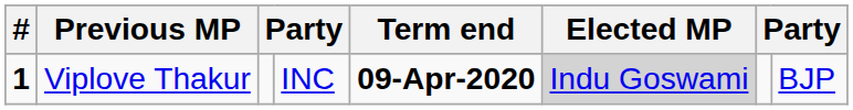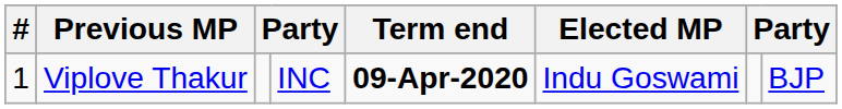 <table class="wikitable sortable">
 <tr>
 <th>#</th>
 <th>Previous MP</th>
 <th colspan="2">Party</th>
 <th>Term end</th>
 <th>Elected MP</th>
 <th colspan="2">Party</th>
 </tr>
 <tr>
-<td><strong>1</strong></td>
+<td>1</td>
 <td><a href='#'>Viplove Thakur</a></td>
 <td></td>
 <td><a href='#'>INC</a></td>
 <td><strong>09-Apr-2020</strong></td>
-<td style="background: lightgrey;"><a href='#'>Indu Goswami</a></td>
+<td><a href='#'>Indu Goswami</a></td>
 <td></td>
 <td><a href='#'>BJP</a></td>
 </tr>
 </table>
